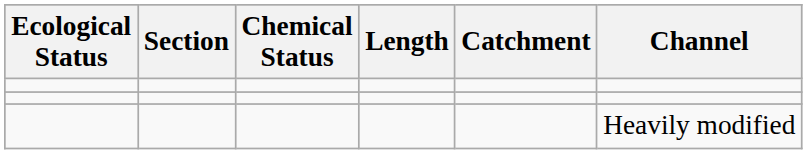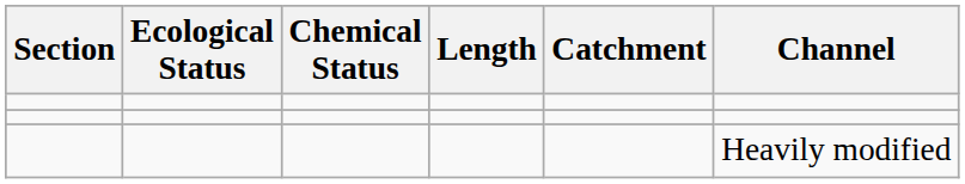 <table class="wikitable">
 <tr>
+<th>Section</th>
 <th>Ecological<br>Status</th>
-<th>Section</th>
 <th>Chemical<br>Status</th>
 <th>Length</th>
 <th>Catchment</th>
 <th>Channel</th>
 </tr>
 <tr>
 <td></td>
 <td></td>
 <td></td>
 <td></td>
 <td></td>
 <td></td>
 </tr>
 <tr>
 <td></td>
 <td></td>
 <td></td>
 <td></td>
 <td></td>
 <td></td>
 </tr>
 <tr>
 <td></td>
 <td></td>
 <td></td>
 <td></td>
 <td></td>
 <td>Heavily modified</td>
 </tr>
 </table>
